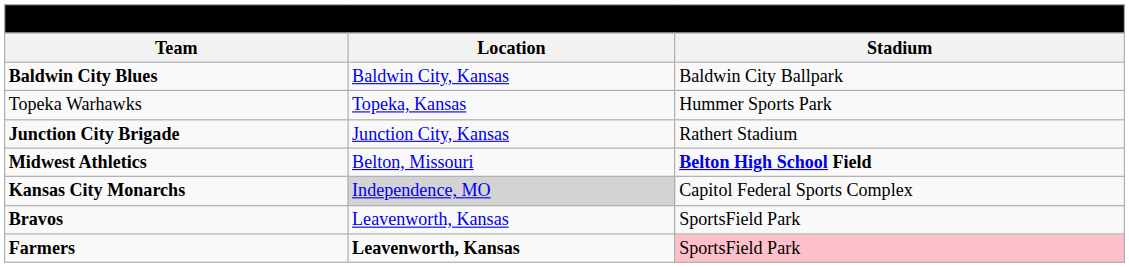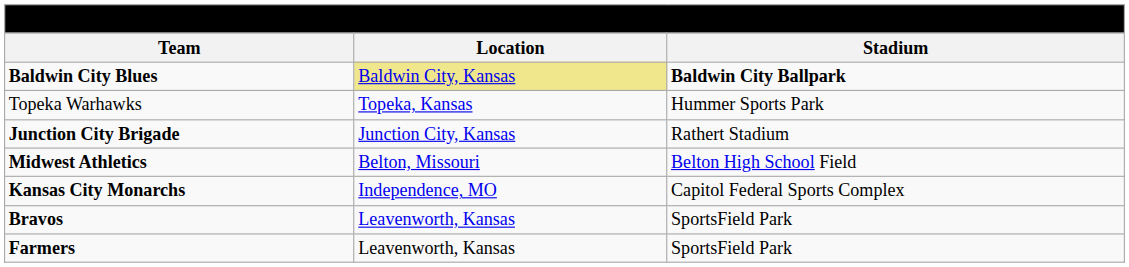 <table class="wikitable" style="width:62em">
 <tr>
 <th style="background-color:black" colspan="6"><span>Mid-Plains League</span></th>
 </tr>
 <tr>
 <th>Team</th>
 <th>Location</th>
 <th>Stadium</th>
 </tr>
 <tr>
 <td><strong>Baldwin City Blues</strong></td>
-<td><a href='#'>Baldwin City, Kansas</a></td>
-<td>Baldwin City Ballpark</td>
+<td style="background: khaki;"><a href='#'>Baldwin City, Kansas</a></td>
+<td><strong>Baldwin City Ballpark</strong></td>
 </tr>
 <tr>
 <td>Topeka Warhawks</td>
 <td><a href='#'>Topeka, Kansas</a></td>
 <td>Hummer Sports Park</td>
 </tr>
 <tr>
 <td><strong>Junction City Brigade</strong></td>
 <td><a href='#'>Junction City, Kansas</a></td>
 <td>Rathert Stadium</td>
 </tr>
 <tr>
 <td><strong>Midwest Athletics</strong></td>
 <td><a href='#'>Belton, Missouri</a></td>
-<td><strong><a href='#'>Belton High School</a> Field</strong></td>
+<td><a href='#'>Belton High School</a> Field</td>
 </tr>
 <tr>
 <td><strong>Kansas City Monarchs</strong></td>
-<td style="background: lightgrey;"><a href='#'>Independence, MO</a></td>
+<td><a href='#'>Independence, MO</a></td>
 <td>Capitol Federal Sports Complex</td>
 </tr>
 <tr>
 <td><strong>Bravos</strong></td>
 <td><a href='#'>Leavenworth, Kansas</a></td>
 <td>SportsField Park</td>
 </tr>
 <tr>
 <td><strong>Farmers</strong></td>
-<td><strong>Leavenworth, Kansas</strong></td>
-<td style="background: pink;">SportsField Park</td>
+<td>Leavenworth, Kansas</td>
+<td>SportsField Park</td>
 </tr>
 </table>
